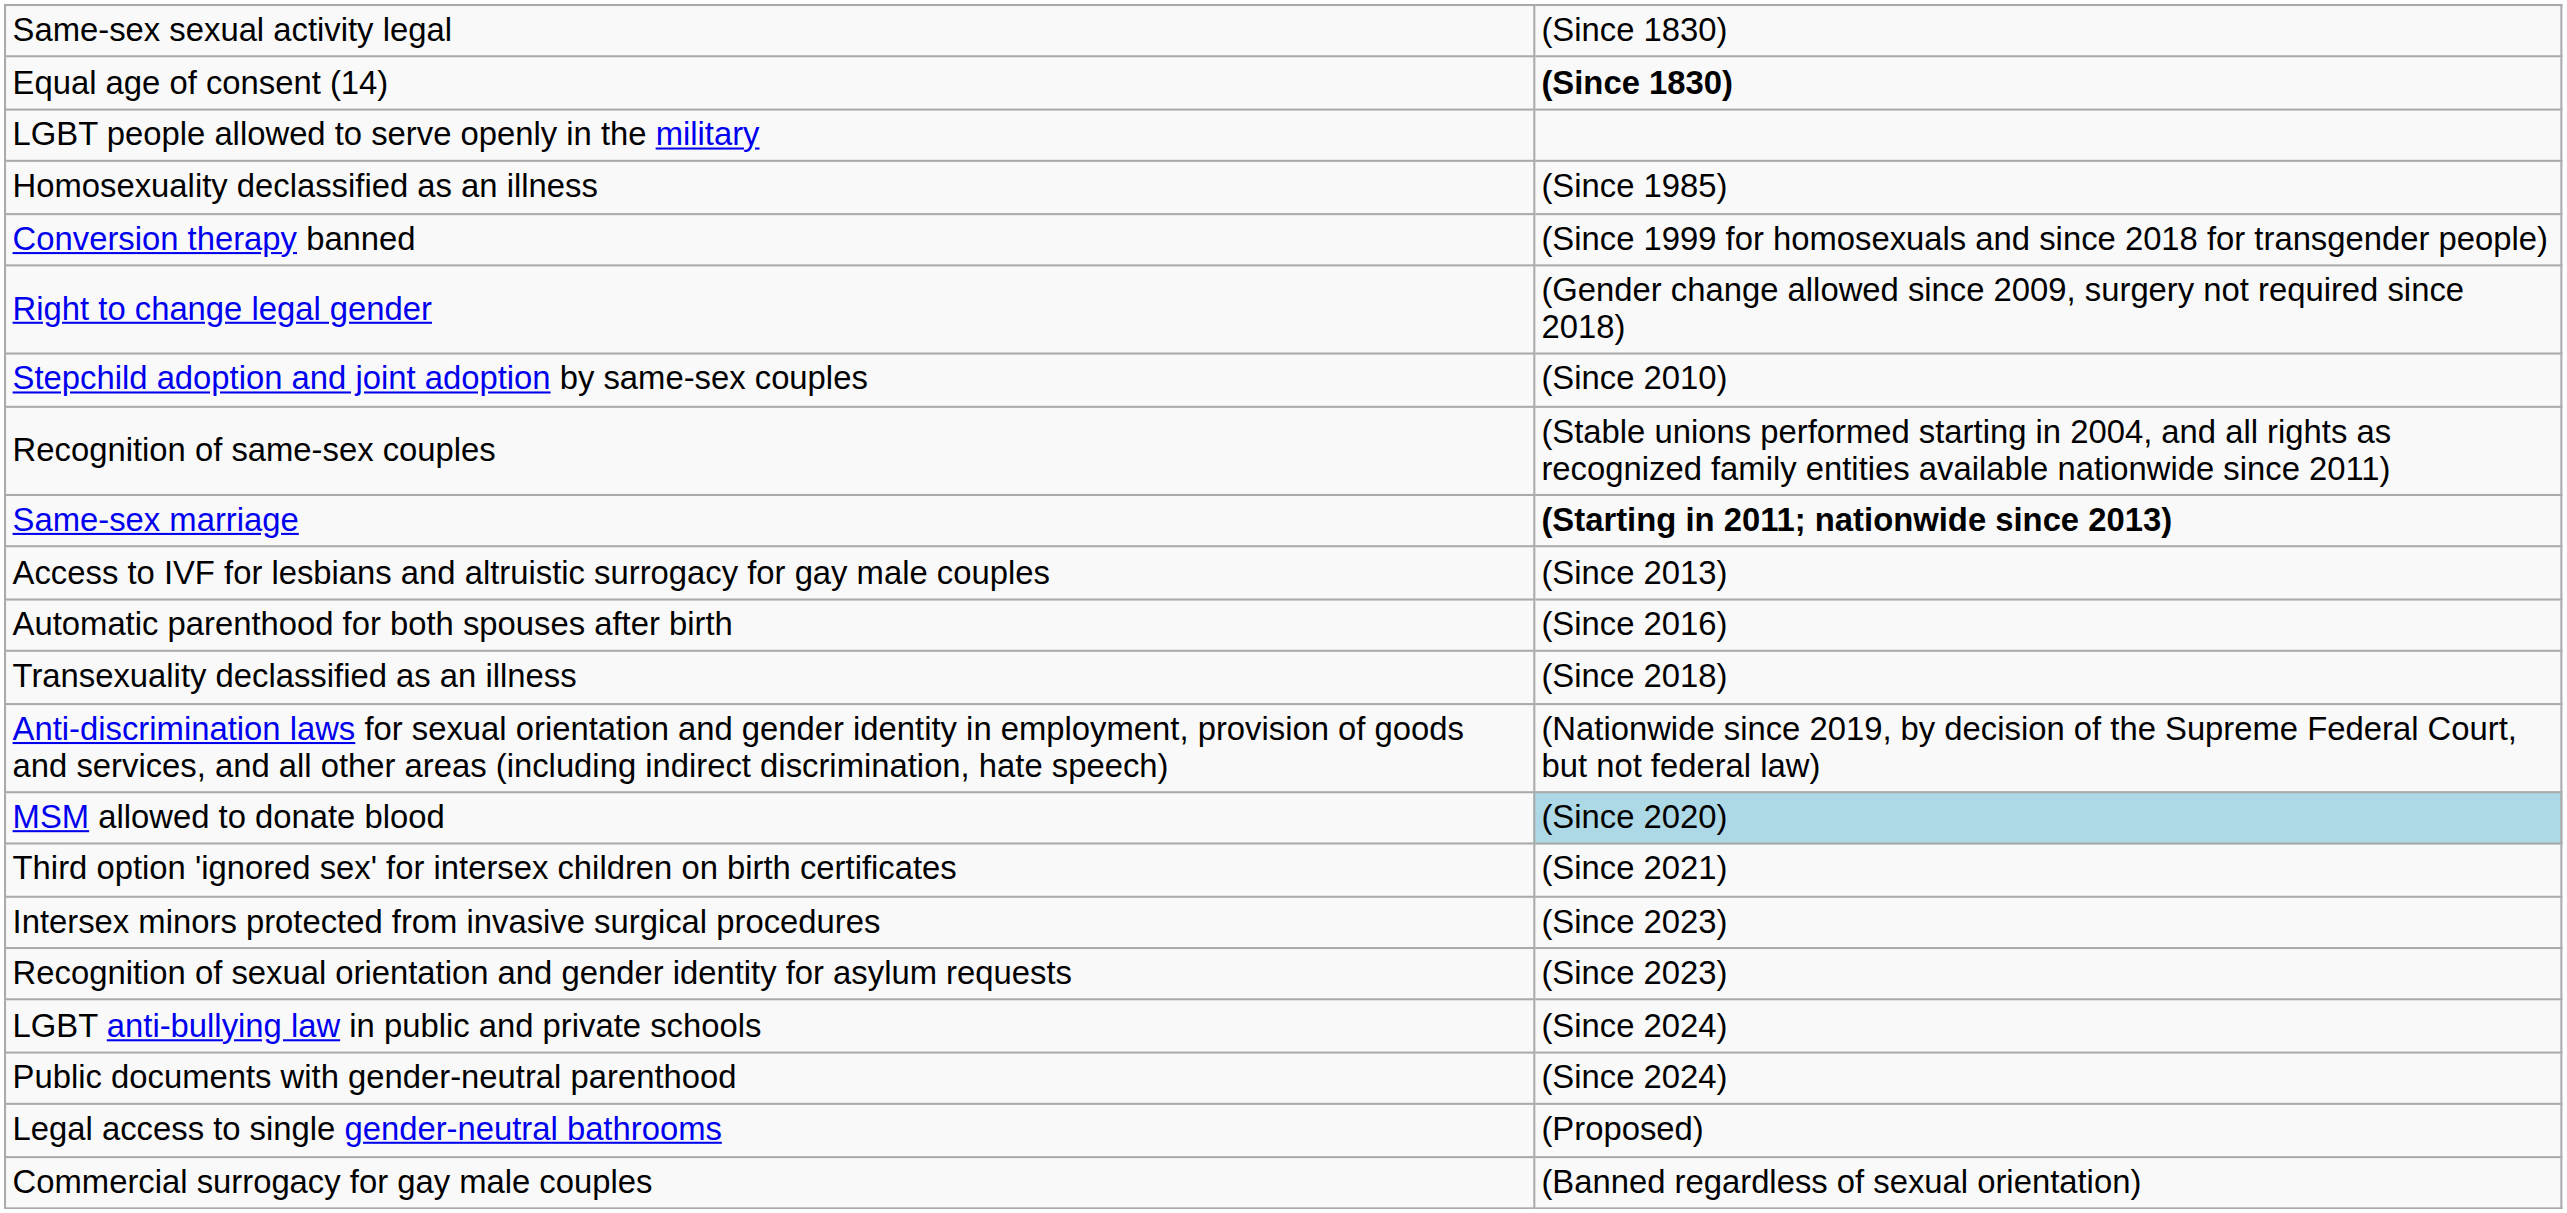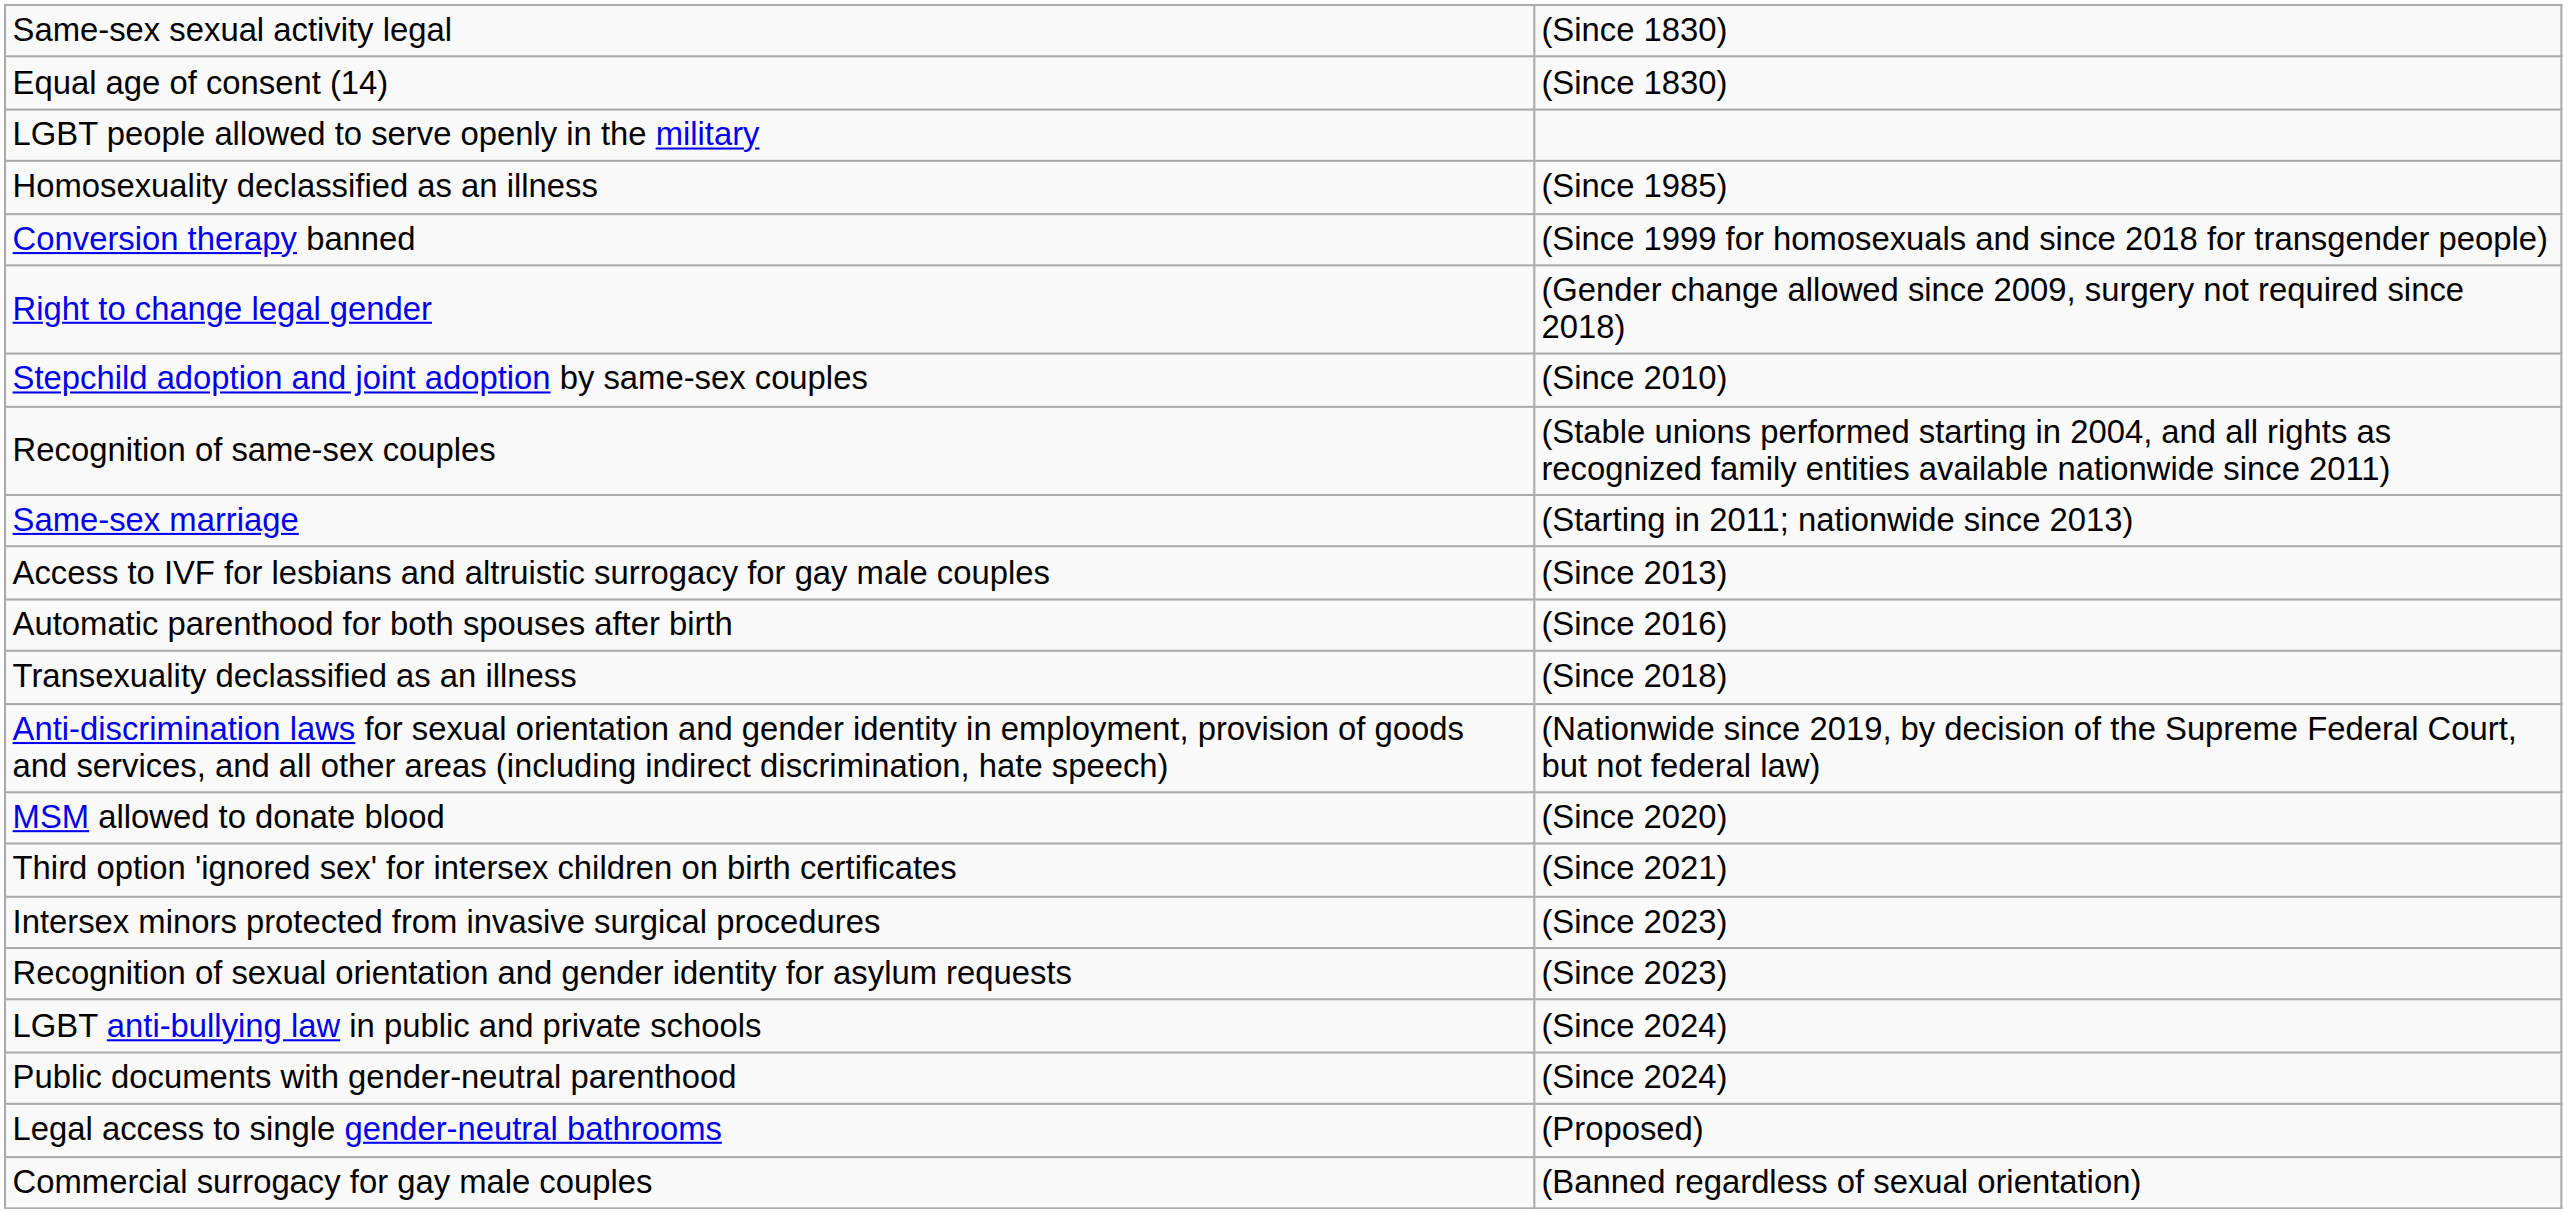 <table class="wikitable">
 <tr>
 <td>Same-sex sexual activity legal</td>
 <td> (Since 1830)</td>
 </tr>
 <tr>
 <td>Equal age of consent (14)</td>
-<td><strong> (Since 1830)</strong></td>
+<td> (Since 1830)</td>
 </tr>
 <tr>
 <td>LGBT people allowed to serve openly in the <a href='#'>military</a></td>
 <td></td>
 </tr>
 <tr>
 <td>Homosexuality declassified as an illness</td>
 <td> (Since 1985)</td>
 </tr>
 <tr>
 <td><a href='#'>Conversion therapy</a> banned</td>
 <td> (Since 1999 for homosexuals and since 2018 for transgender people)</td>
 </tr>
 <tr>
 <td><a href='#'>Right to change legal gender</a></td>
 <td> (Gender change allowed since 2009, surgery not required since 2018)</td>
 </tr>
 <tr>
 <td><a href='#'>Stepchild adoption and joint adoption</a> by same-sex couples</td>
 <td> (Since 2010)</td>
 </tr>
 <tr>
 <td>Recognition of same-sex couples</td>
 <td> (Stable unions performed starting in 2004, and all rights as recognized family entities available nationwide since 2011)</td>
 </tr>
 <tr>
 <td><a href='#'>Same-sex marriage</a></td>
-<td><strong> (Starting in 2011; nationwide since 2013)</strong></td>
+<td> (Starting in 2011; nationwide since 2013)</td>
 </tr>
 <tr>
 <td>Access to IVF for lesbians and altruistic surrogacy for gay male couples</td>
 <td> (Since 2013)</td>
 </tr>
 <tr>
 <td>Automatic parenthood for both spouses after birth</td>
 <td> (Since 2016)</td>
 </tr>
 <tr>
 <td>Transexuality declassified as an illness</td>
 <td> (Since 2018)</td>
 </tr>
 <tr>
 <td><a href='#'>Anti-discrimination laws</a> for sexual orientation and gender identity in employment, provision of goods and services, and all other areas (including indirect discrimination, hate speech)</td>
 <td> (Nationwide since 2019, by decision of the Supreme Federal Court, but not federal law)</td>
 </tr>
 <tr>
 <td><a href='#'>MSM</a> allowed to donate blood</td>
-<td style="background: lightblue;"> (Since 2020)</td>
+<td> (Since 2020)</td>
 </tr>
 <tr>
 <td>Third option 'ignored sex' for intersex children on birth certificates</td>
 <td> (Since 2021)</td>
 </tr>
 <tr>
 <td>Intersex minors protected from invasive surgical procedures</td>
 <td> (Since 2023)</td>
 </tr>
 <tr>
 <td>Recognition of sexual orientation and gender identity for asylum requests</td>
 <td> (Since 2023)</td>
 </tr>
 <tr>
 <td>LGBT <a href='#'>anti-bullying law</a> in public and private schools</td>
 <td> (Since 2024)</td>
 </tr>
 <tr>
 <td>Public documents with gender-neutral parenthood</td>
 <td> (Since 2024)</td>
 </tr>
 <tr>
 <td>Legal access to single <a href='#'>gender-neutral bathrooms</a></td>
 <td> (Proposed)</td>
 </tr>
 <tr>
 <td>Commercial surrogacy for gay male couples</td>
 <td> (Banned regardless of sexual orientation)</td>
 </tr>
 </table>
